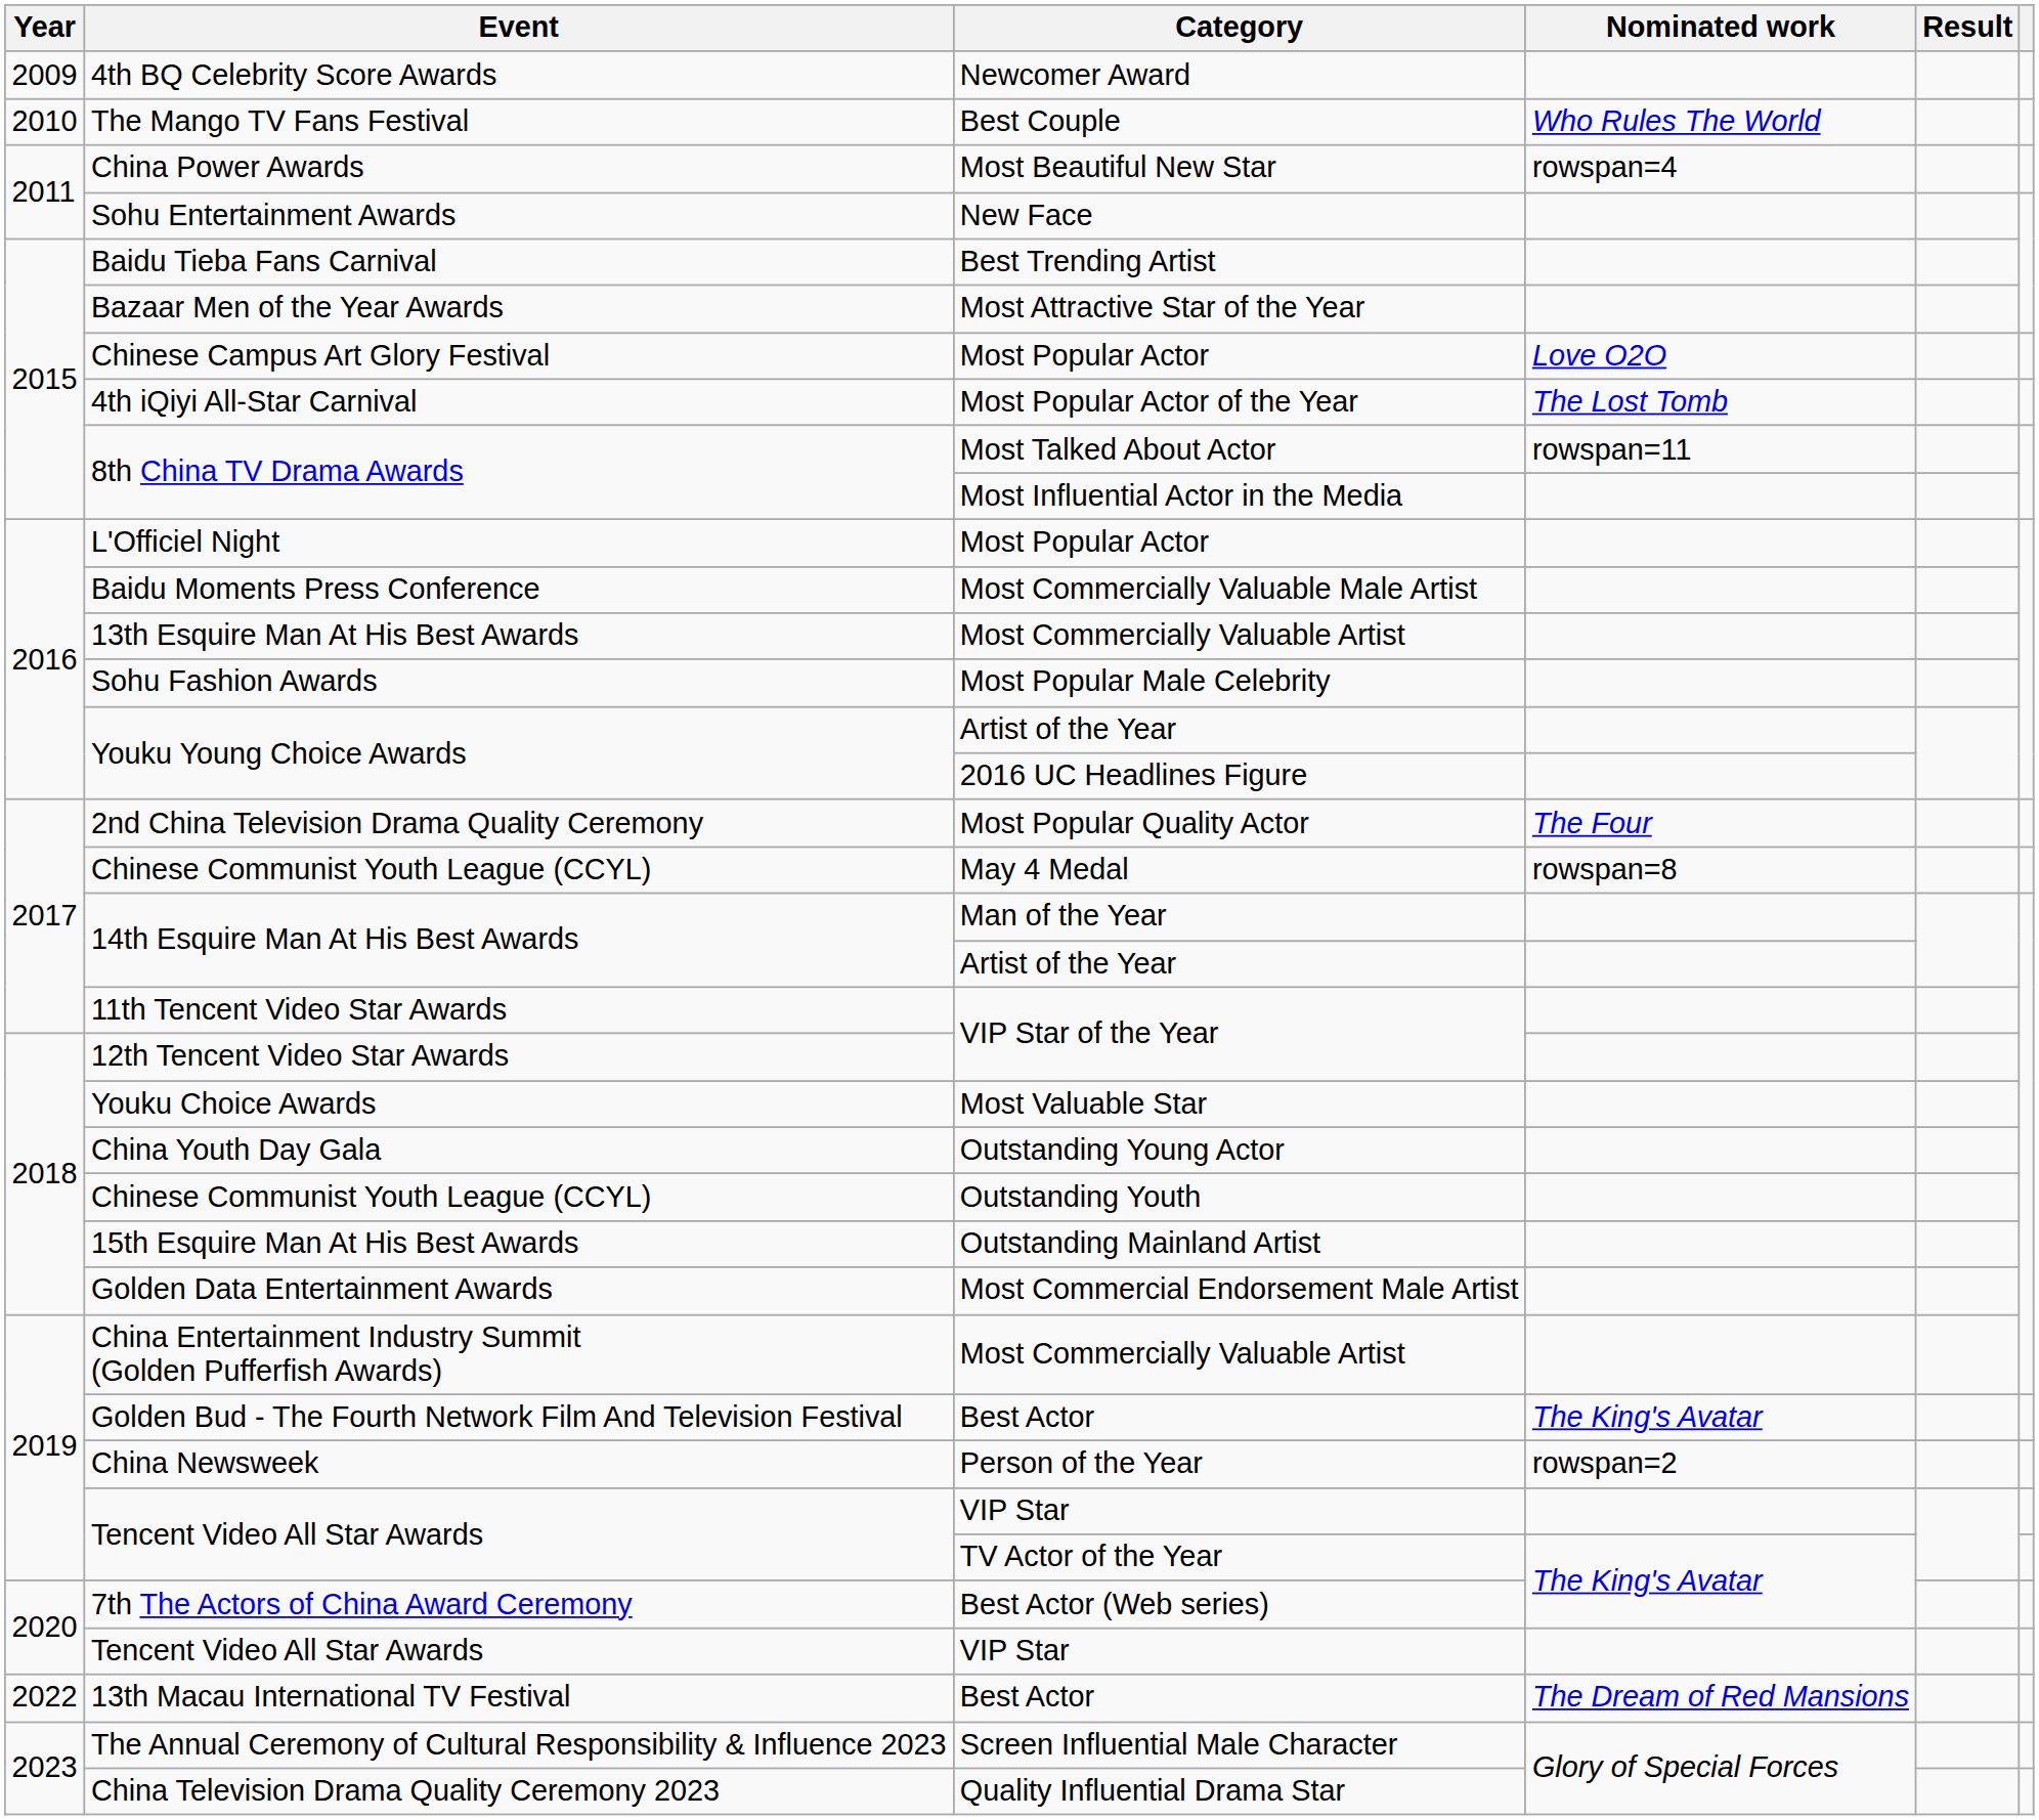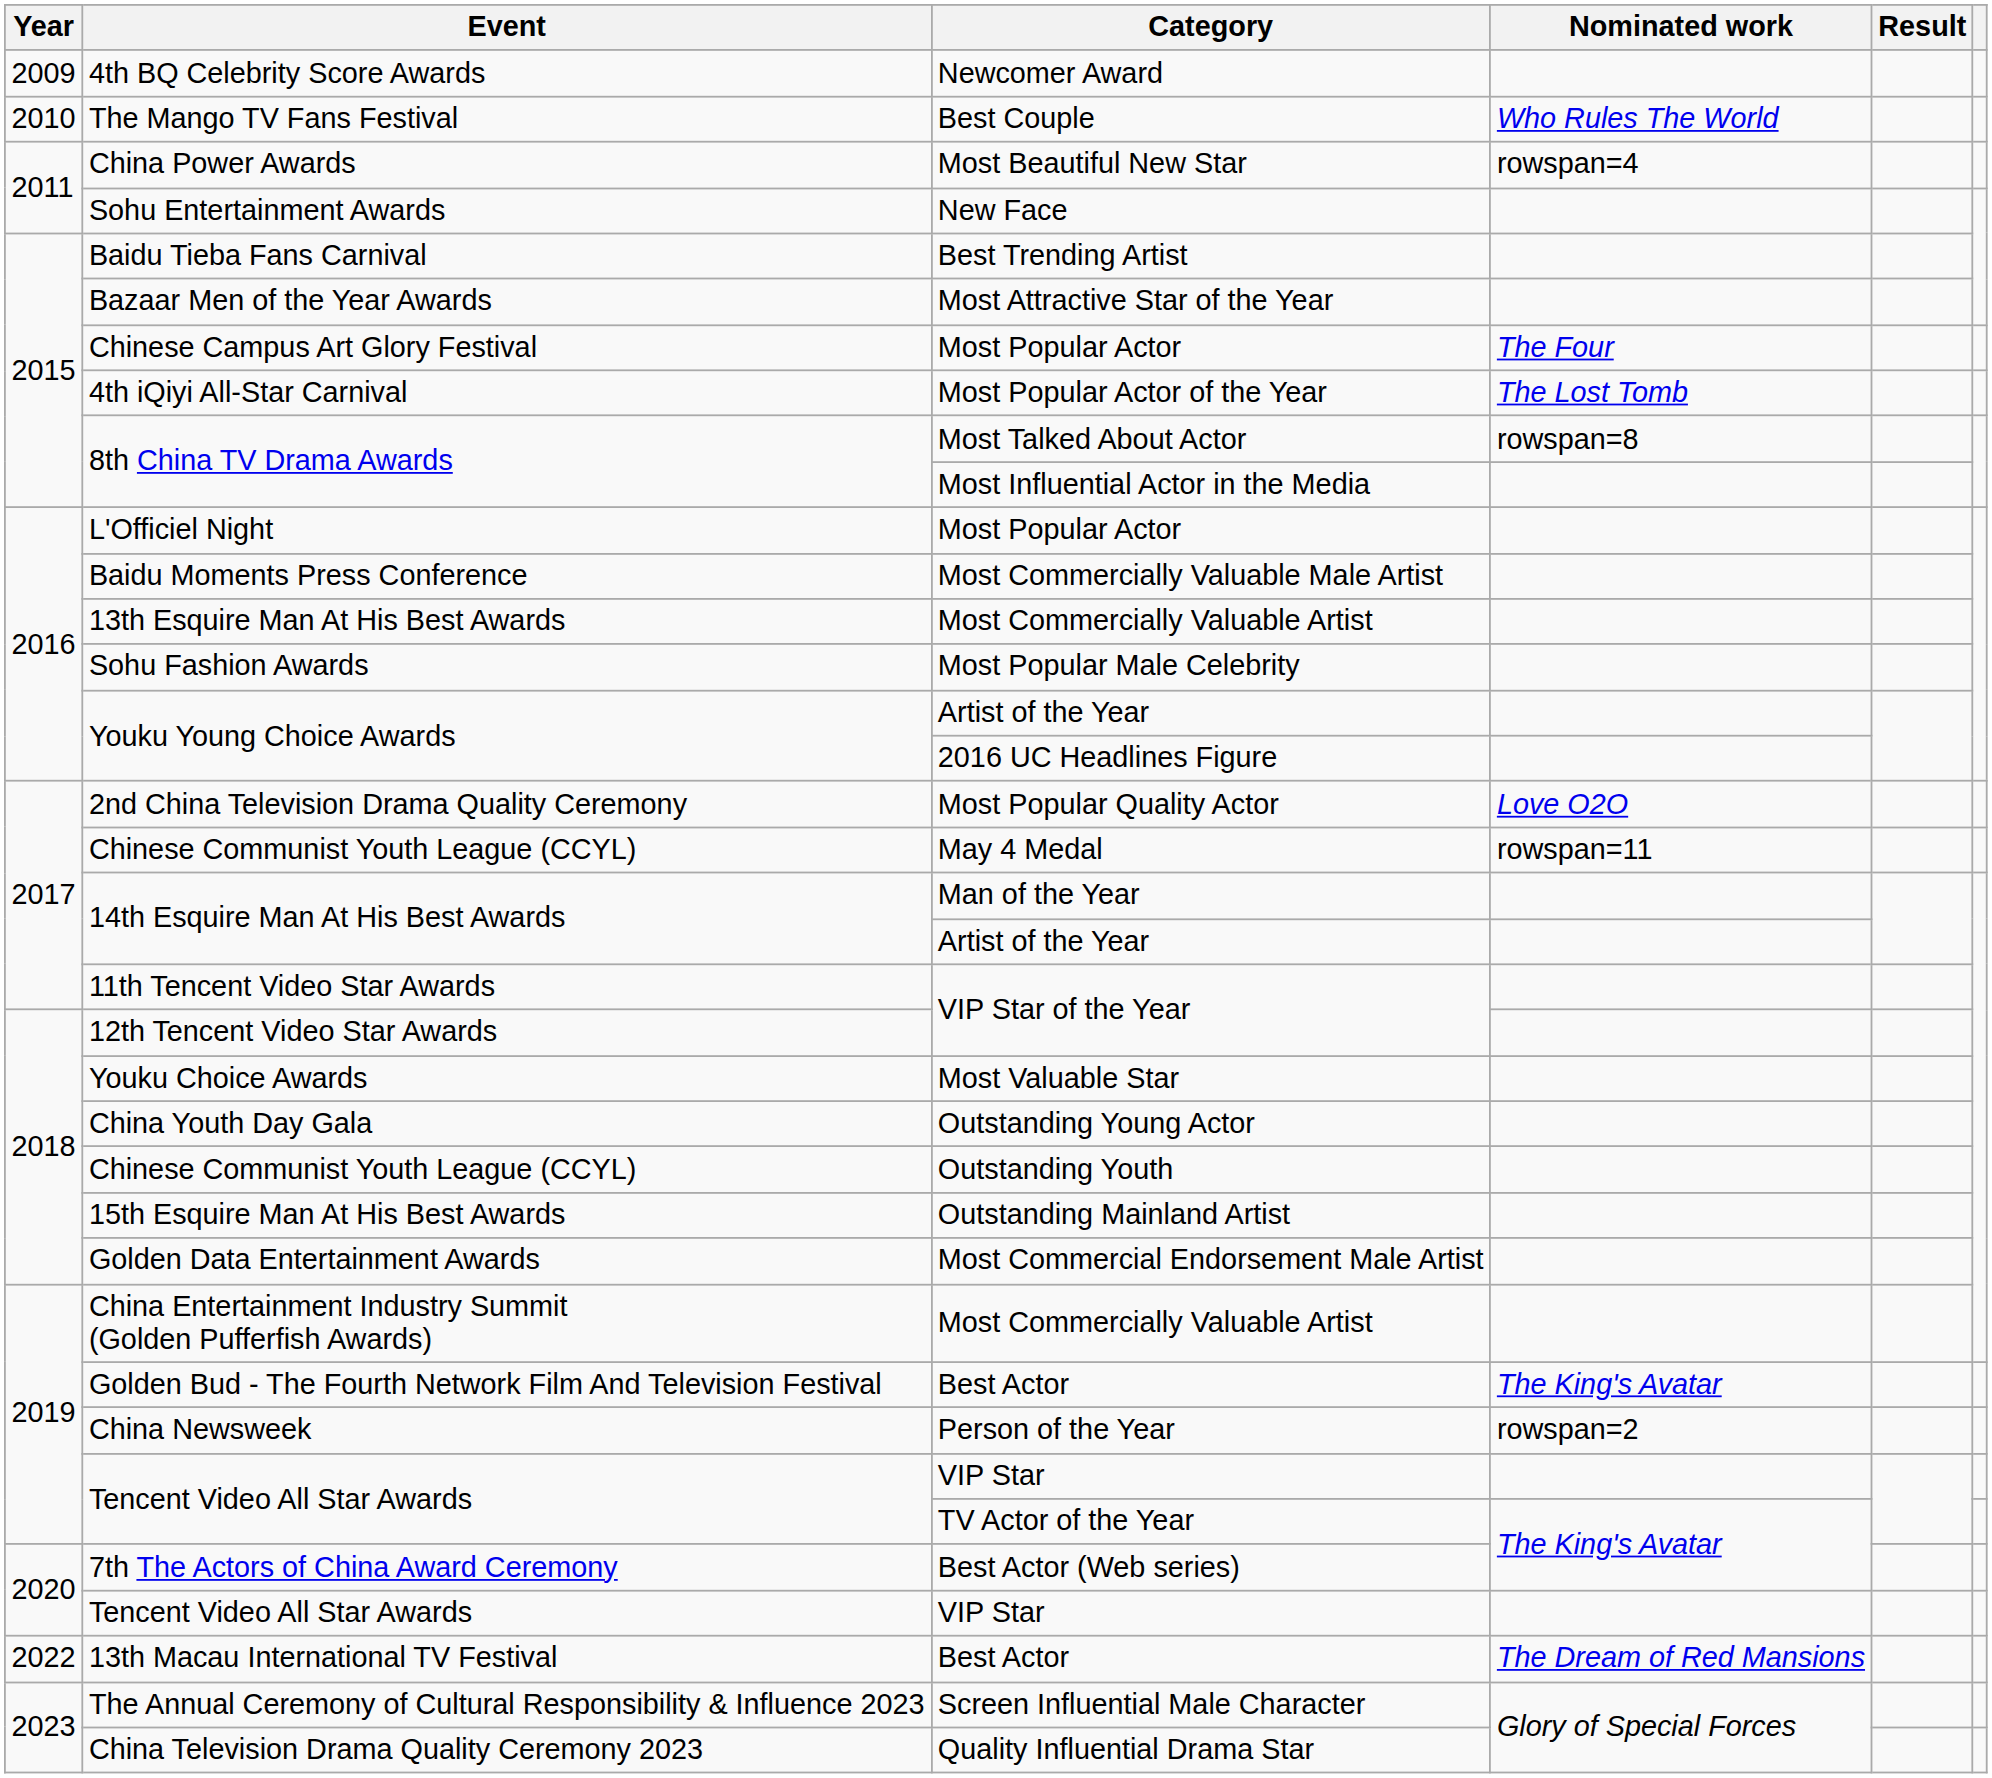 <table class="wikitable">
 <tr>
 <th>Year</th>
 <th>Event</th>
 <th>Category</th>
 <th>Nominated work</th>
 <th>Result</th>
 <th class="unsortable"></th>
 </tr>
 <tr>
 <td>2009</td>
 <td>4th BQ Celebrity Score Awards</td>
 <td>Newcomer Award</td>
 <td></td>
 <td></td>
 <td></td>
 </tr>
 <tr>
 <td>2010</td>
 <td>The Mango TV Fans Festival</td>
 <td>Best Couple</td>
 <td><em><a href='#'>Who Rules The World</a></em></td>
 <td></td>
 <td></td>
 </tr>
 <tr>
 <td rowspan=2>2011</td>
 <td>China Power Awards</td>
 <td>Most Beautiful New Star</td>
 <td>rowspan=4 </td>
 <td></td>
 <td></td>
 </tr>
 <tr>
 <td>Sohu Entertainment Awards</td>
 <td>New Face</td>
 <td></td>
 <td></td>
 </tr>
 <tr>
 <td rowspan=6>2015</td>
 <td>Baidu Tieba Fans Carnival</td>
 <td>Best Trending Artist</td>
 <td></td>
 <td></td>
 </tr>
 <tr>
 <td>Bazaar Men of the Year Awards</td>
 <td>Most Attractive Star of the Year</td>
 <td></td>
 <td></td>
 </tr>
 <tr>
 <td>Chinese Campus Art Glory Festival</td>
 <td>Most Popular Actor</td>
-<td><em><a href='#'>Love O2O</a></em></td>
+<td><em><a href='#'>The Four</a></em></td>
 <td></td>
 <td></td>
 </tr>
 <tr>
 <td>4th iQiyi All-Star Carnival</td>
 <td>Most Popular Actor of the Year</td>
 <td><em><a href='#'>The Lost Tomb</a></em></td>
 <td></td>
 <td></td>
 </tr>
 <tr>
 <td rowspan=2>8th <a href='#'>China TV Drama Awards</a></td>
 <td>Most Talked About Actor</td>
-<td>rowspan=11 </td>
+<td>rowspan=8 </td>
 <td></td>
 <td rowspan="2"></td>
 </tr>
 <tr>
 <td>Most Influential Actor in the Media</td>
 <td></td>
 </tr>
 <tr>
 <td rowspan=6>2016</td>
 <td>L'Officiel Night</td>
 <td>Most Popular Actor</td>
 <td></td>
 <td></td>
 </tr>
 <tr>
 <td>Baidu Moments Press Conference</td>
 <td>Most Commercially Valuable Male Artist</td>
 <td></td>
 <td></td>
 </tr>
 <tr>
 <td>13th Esquire Man At His Best Awards</td>
 <td>Most Commercially Valuable Artist</td>
 <td></td>
 <td></td>
 </tr>
 <tr>
 <td>Sohu Fashion Awards</td>
 <td>Most Popular Male Celebrity</td>
 <td></td>
 <td></td>
 </tr>
 <tr>
 <td rowspan=2>Youku Young Choice Awards</td>
 <td>Artist of the Year</td>
 <td></td>
 <td rowspan="2"></td>
 </tr>
 <tr>
 <td>2016 UC Headlines Figure</td>
 <td></td>
 </tr>
 <tr>
 <td rowspan=5>2017</td>
 <td>2nd China Television Drama Quality Ceremony</td>
 <td>Most Popular Quality Actor</td>
-<td><em><a href='#'>The Four</a></em></td>
+<td><em><a href='#'>Love O2O</a></em></td>
 <td></td>
 <td></td>
 </tr>
 <tr>
 <td>Chinese Communist Youth League (CCYL)</td>
 <td>May 4 Medal</td>
-<td>rowspan=8 </td>
+<td>rowspan=11 </td>
 <td></td>
 <td></td>
 </tr>
 <tr>
 <td rowspan="2">14th Esquire Man At His Best Awards</td>
 <td>Man of the Year</td>
 <td></td>
 <td rowspan="2"></td>
 </tr>
 <tr>
 <td>Artist of the Year</td>
 <td></td>
 </tr>
 <tr>
 <td>11th Tencent Video Star Awards</td>
 <td rowspan=2>VIP Star of the Year</td>
 <td></td>
 <td></td>
 </tr>
 <tr>
 <td rowspan=6>2018</td>
 <td>12th Tencent Video Star Awards</td>
 <td></td>
 <td></td>
 </tr>
 <tr>
 <td>Youku Choice Awards</td>
 <td>Most Valuable Star</td>
 <td></td>
 <td></td>
 </tr>
 <tr>
 <td>China Youth Day Gala</td>
 <td>Outstanding Young Actor</td>
 <td></td>
 <td></td>
 </tr>
 <tr>
 <td>Chinese Communist Youth League (CCYL)</td>
 <td>Outstanding Youth</td>
 <td></td>
 <td></td>
 </tr>
 <tr>
 <td>15th Esquire Man At His Best Awards</td>
 <td>Outstanding Mainland Artist</td>
 <td></td>
 <td></td>
 </tr>
 <tr>
 <td>Golden Data Entertainment Awards</td>
 <td>Most Commercial Endorsement Male Artist</td>
 <td></td>
 <td></td>
 </tr>
 <tr>
 <td rowspan=5>2019</td>
 <td>China Entertainment Industry Summit <br> (Golden Pufferfish Awards)</td>
 <td>Most Commercially Valuable Artist</td>
 <td></td>
 <td></td>
 </tr>
 <tr>
 <td>Golden Bud - The Fourth Network Film And Television Festival</td>
 <td>Best Actor</td>
 <td><em><a href='#'>The King's Avatar</a></em></td>
 <td></td>
 <td></td>
 </tr>
 <tr>
 <td>China Newsweek</td>
 <td>Person of the Year</td>
 <td>rowspan=2 </td>
 <td></td>
 <td></td>
 </tr>
 <tr>
 <td rowspan=2>Tencent Video All Star Awards</td>
 <td>VIP Star</td>
 <td></td>
 <td rowspan=2></td>
 </tr>
 <tr>
 <td>TV Actor of the Year</td>
 <td rowspan=2><em><a href='#'>The King's Avatar</a></em></td>
 <td></td>
 </tr>
 <tr>
 <td rowspan=2>2020</td>
 <td>7th <a href='#'>The Actors of China Award Ceremony</a></td>
 <td>Best Actor (Web series)</td>
 <td></td>
 <td></td>
 </tr>
 <tr>
 <td>Tencent Video All Star Awards</td>
 <td>VIP Star</td>
 <td></td>
 <td></td>
 <td></td>
 </tr>
 <tr>
 <td>2022</td>
 <td>13th Macau International TV Festival</td>
 <td>Best Actor</td>
 <td><em><a href='#'>The Dream of Red Mansions</a></em></td>
 <td></td>
 <td></td>
 </tr>
 <tr>
 <td rowspan=2>2023</td>
 <td>The Annual Ceremony of Cultural Responsibility & Influence 2023</td>
 <td>Screen Influential Male Character</td>
 <td rowspan="2"><em>Glory of Special Forces</em></td>
 <td></td>
 <td></td>
 </tr>
 <tr>
 <td>China Television Drama Quality Ceremony 2023</td>
 <td>Quality Influential Drama Star</td>
 <td></td>
 <td></td>
 </tr>
 </table>
